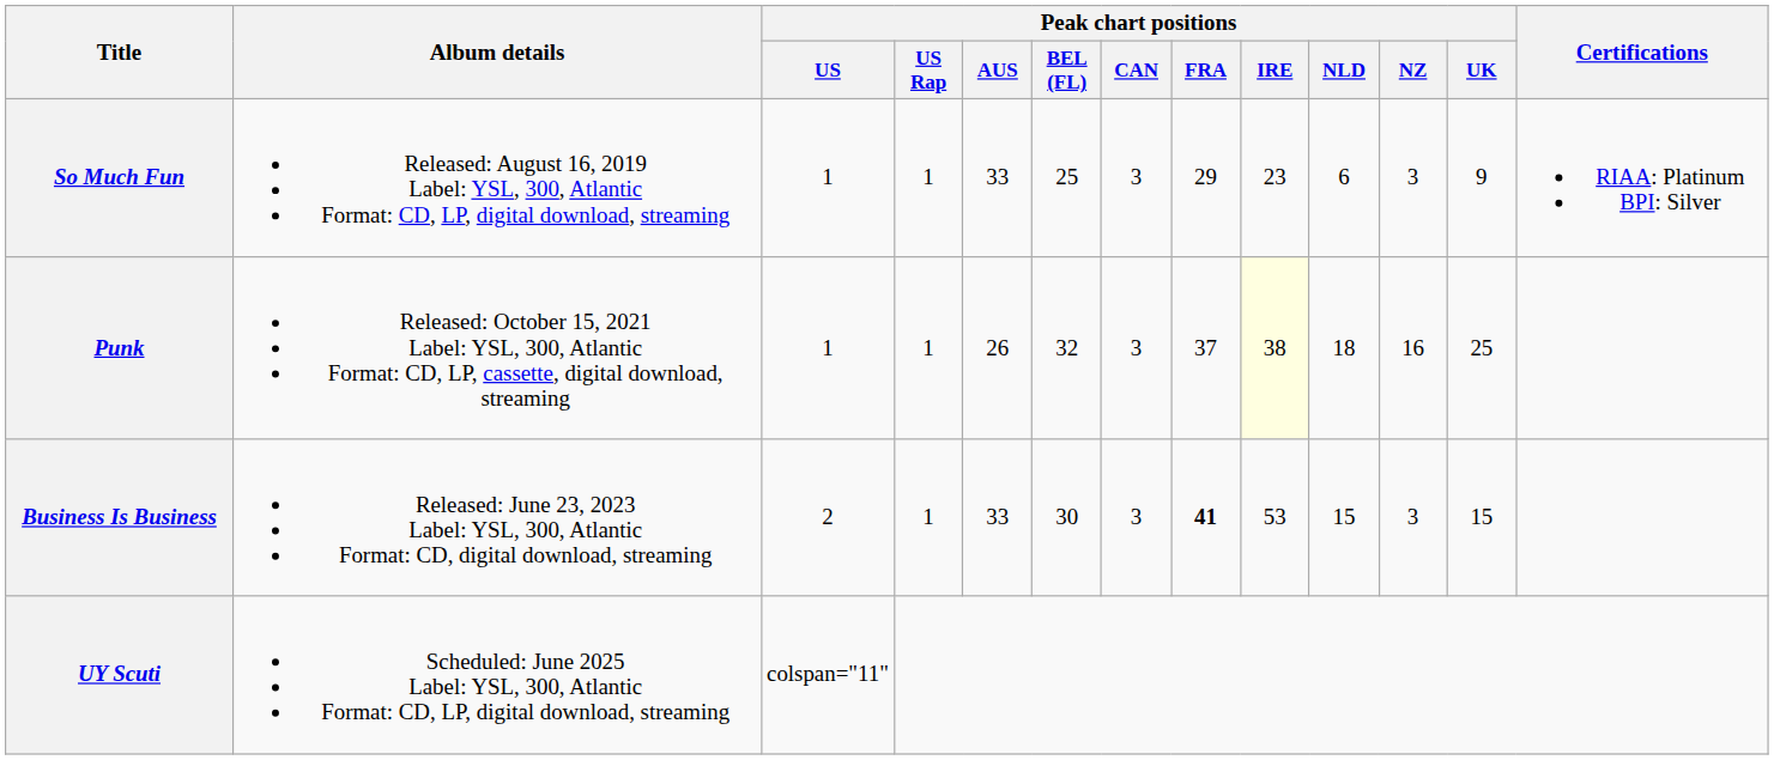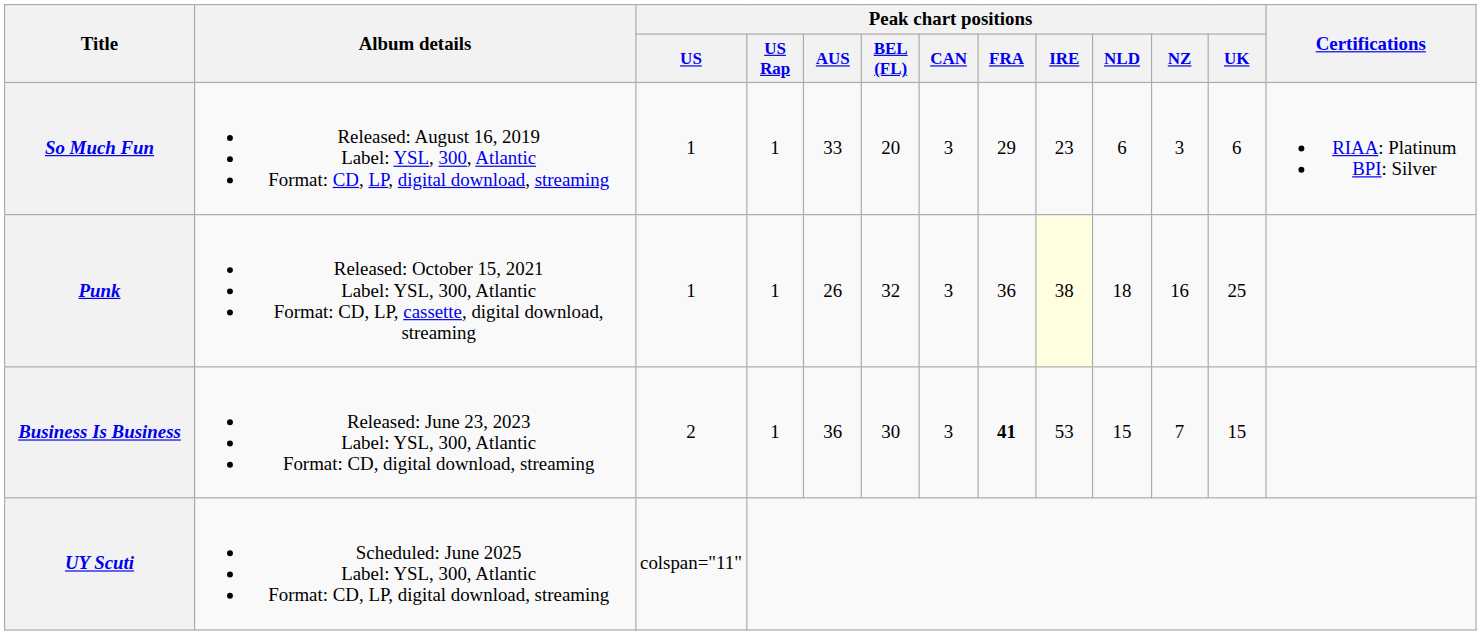 <table class="wikitable plainrowheaders" style="text-align:center;">
 <tr>
 <th rowspan="2" style="width:10em;">Title</th>
 <th rowspan="2" style="width:24em;">Album details</th>
 <th colspan="10">Peak chart positions</th>
 <th scope="col" rowspan="2" style="width:11em;"><a href='#'>Certifications</a></th>
 </tr>
 <tr>
 <th style="width:3em;font-size:90%;"><a href='#'>US</a><br></th>
 <th style="width:3em;font-size:90%;"><a href='#'>US<br>Rap</a><br></th>
 <th style="width:3em;font-size:90%;"><a href='#'>AUS</a><br></th>
 <th style="width:3em;font-size:90%;"><a href='#'>BEL<br>(FL)</a><br></th>
 <th style="width:3em;font-size:90%;"><a href='#'>CAN</a><br></th>
 <th style="width:3em;font-size:90%;"><a href='#'>FRA</a><br></th>
 <th style="width:3em;font-size:90%;"><a href='#'>IRE</a><br></th>
 <th style="width:3em;font-size:90%;"><a href='#'>NLD</a><br></th>
 <th style="width:3em;font-size:90%;"><a href='#'>NZ</a><br></th>
 <th style="width:3em;font-size:90%;"><a href='#'>UK</a><br></th>
 </tr>
 <tr>
 <th scope="row"><em><a href='#'>So Much Fun</a></em></th>
 <td><br><ul><li>Released: August 16, 2019</li><li>Label: <a href='#'>YSL</a>, <a href='#'>300</a>, <a href='#'>Atlantic</a></li><li>Format: <a href='#'>CD</a>, <a href='#'>LP</a>, <a href='#'>digital download</a>, <a href='#'>streaming</a></li></ul></td>
 <td>1</td>
 <td>1</td>
 <td>33</td>
-<td>25</td>
+<td>20</td>
 <td>3</td>
 <td>29</td>
 <td>23</td>
 <td>6</td>
 <td>3</td>
-<td>9</td>
+<td>6</td>
 <td><br><ul><li><a href='#'>RIAA</a>: Platinum</li><li><a href='#'>BPI</a>: Silver</li></ul></td>
 </tr>
 <tr>
 <th scope="row"><em><a href='#'>Punk</a></em></th>
 <td><br><ul><li>Released: October 15, 2021</li><li>Label: YSL, 300, Atlantic</li><li>Format: CD, LP, <a href='#'>cassette</a>, digital download, streaming</li></ul></td>
 <td>1</td>
 <td>1</td>
 <td>26</td>
 <td>32</td>
 <td>3</td>
-<td>37</td>
+<td>36</td>
 <td style="background: lightyellow;">38</td>
 <td>18</td>
 <td>16</td>
 <td>25</td>
 <td></td>
 </tr>
 <tr>
 <th scope="row"><em><a href='#'>Business Is Business</a></em></th>
 <td><br><ul><li>Released: June 23, 2023</li><li>Label: YSL, 300, Atlantic</li><li>Format: CD, digital download, streaming</li></ul></td>
 <td>2</td>
 <td>1</td>
-<td>33</td>
+<td>36</td>
 <td>30</td>
 <td>3</td>
 <td><strong>41</strong></td>
 <td>53</td>
 <td>15</td>
-<td>3</td>
+<td>7</td>
 <td>15</td>
 <td></td>
 </tr>
 <tr>
 <th scope="row"><em><a href='#'>UY Scuti</a></em></th>
 <td><br><ul><li>Scheduled: June 2025</li><li>Label: YSL, 300, Atlantic</li><li>Format: CD, LP, digital download, streaming</li></ul></td>
 <td>colspan="11" </td>
 </tr>
 </table>
